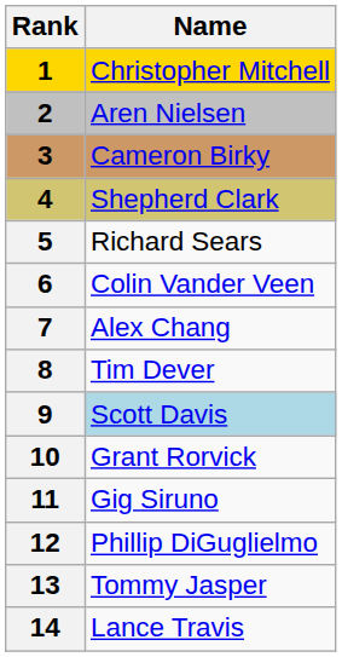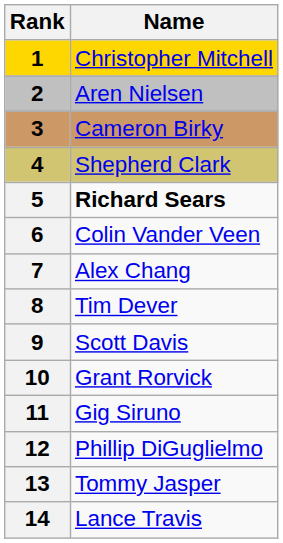 <table class="wikitable">
 <tr>
 <th>Rank</th>
 <th>Name</th>
 </tr>
 <tr bgcolor="gold">
 <td align="center"><strong>1</strong></td>
 <td><a href='#'>Christopher Mitchell</a></td>
 </tr>
 <tr bgcolor="silver">
 <td align="center"><strong>2</strong></td>
 <td><a href='#'>Aren Nielsen</a></td>
 </tr>
 <tr bgcolor="cc9966">
 <td align="center"><strong>3</strong></td>
 <td><a href='#'>Cameron Birky</a></td>
 </tr>
 <tr bgcolor="#d1c571">
 <td align="center"><strong>4</strong></td>
 <td><a href='#'>Shepherd Clark</a></td>
 </tr>
 <tr>
 <th>5</th>
-<td>Richard Sears</td>
+<td><strong>Richard Sears</strong></td>
 </tr>
 <tr>
 <th>6</th>
 <td><a href='#'>Colin Vander Veen</a></td>
 </tr>
 <tr>
 <th>7</th>
 <td><a href='#'>Alex Chang</a></td>
 </tr>
 <tr>
 <th>8</th>
 <td><a href='#'>Tim Dever</a></td>
 </tr>
 <tr>
 <th>9</th>
-<td style="background: lightblue;"><a href='#'>Scott Davis</a></td>
+<td><a href='#'>Scott Davis</a></td>
 </tr>
 <tr>
 <th>10</th>
 <td><a href='#'>Grant Rorvick</a></td>
 </tr>
 <tr>
 <th>11</th>
 <td><a href='#'>Gig Siruno</a></td>
 </tr>
 <tr>
 <th>12</th>
 <td><a href='#'>Phillip DiGuglielmo</a></td>
 </tr>
 <tr>
 <th>13</th>
 <td><a href='#'>Tommy Jasper</a></td>
 </tr>
 <tr>
 <th>14</th>
 <td><a href='#'>Lance Travis</a></td>
 </tr>
 </table>
